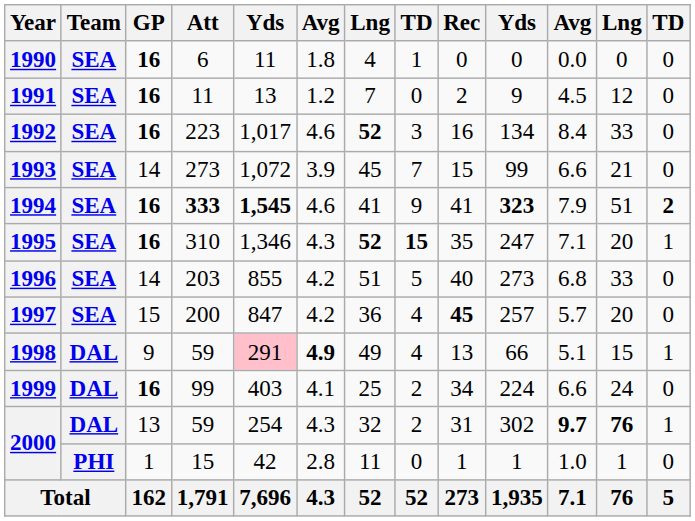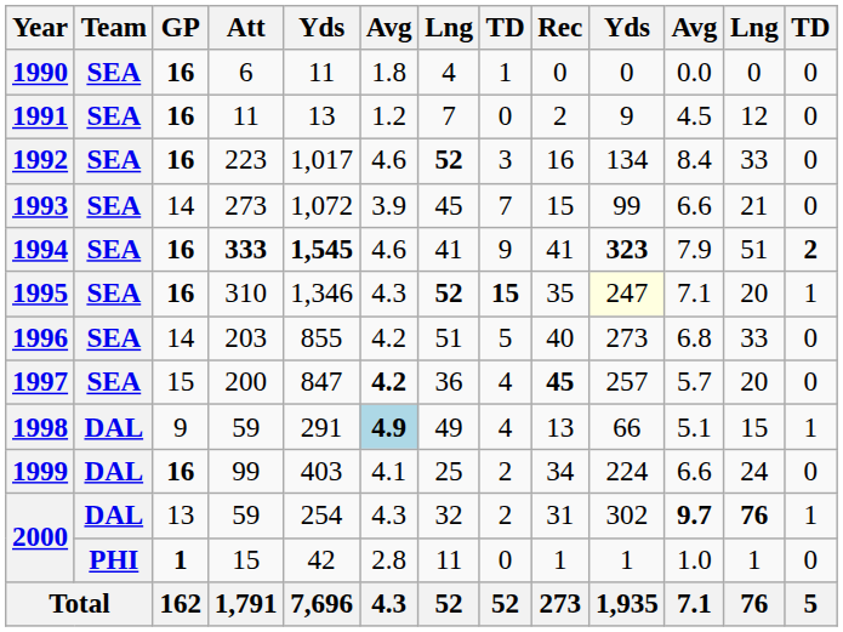 <table class=wikitable style="text-align:center">
 <tr>
 <th>Year</th>
 <th>Team</th>
 <th>GP</th>
 <th>Att</th>
 <th>Yds</th>
 <th>Avg</th>
 <th>Lng</th>
 <th>TD</th>
 <th>Rec</th>
 <th>Yds</th>
 <th>Avg</th>
 <th>Lng</th>
 <th>TD</th>
 </tr>
 <tr>
 <th><a href='#'>1990</a></th>
 <th><a href='#'>SEA</a></th>
 <td><strong>16</strong></td>
 <td>6</td>
 <td>11</td>
 <td>1.8</td>
 <td>4</td>
 <td>1</td>
 <td>0</td>
 <td>0</td>
 <td>0.0</td>
 <td>0</td>
 <td>0</td>
 </tr>
 <tr>
 <th><a href='#'>1991</a></th>
 <th><a href='#'>SEA</a></th>
 <td><strong>16</strong></td>
 <td>11</td>
 <td>13</td>
 <td>1.2</td>
 <td>7</td>
 <td>0</td>
 <td>2</td>
 <td>9</td>
 <td>4.5</td>
 <td>12</td>
 <td>0</td>
 </tr>
 <tr>
 <th><a href='#'>1992</a></th>
 <th><a href='#'>SEA</a></th>
 <td><strong>16</strong></td>
 <td>223</td>
 <td>1,017</td>
 <td>4.6</td>
 <td><strong>52</strong></td>
 <td>3</td>
 <td>16</td>
 <td>134</td>
 <td>8.4</td>
 <td>33</td>
 <td>0</td>
 </tr>
 <tr>
 <th><a href='#'>1993</a></th>
 <th><a href='#'>SEA</a></th>
 <td>14</td>
 <td>273</td>
 <td>1,072</td>
 <td>3.9</td>
 <td>45</td>
 <td>7</td>
 <td>15</td>
 <td>99</td>
 <td>6.6</td>
 <td>21</td>
 <td>0</td>
 </tr>
 <tr>
 <th><a href='#'>1994</a></th>
 <th><a href='#'>SEA</a></th>
 <td><strong>16</strong></td>
 <td><strong>333</strong></td>
 <td><strong>1,545</strong></td>
 <td>4.6</td>
 <td>41</td>
 <td>9</td>
 <td>41</td>
 <td><strong>323</strong></td>
 <td>7.9</td>
 <td>51</td>
 <td><strong>2</strong></td>
 </tr>
 <tr>
 <th><a href='#'>1995</a></th>
 <th><a href='#'>SEA</a></th>
 <td><strong>16</strong></td>
 <td>310</td>
 <td>1,346</td>
 <td>4.3</td>
 <td><strong>52</strong></td>
 <td><strong>15</strong></td>
 <td>35</td>
-<td>247</td>
+<td style="background: lightyellow;">247</td>
 <td>7.1</td>
 <td>20</td>
 <td>1</td>
 </tr>
 <tr>
 <th><a href='#'>1996</a></th>
 <th><a href='#'>SEA</a></th>
 <td>14</td>
 <td>203</td>
 <td>855</td>
 <td>4.2</td>
 <td>51</td>
 <td>5</td>
 <td>40</td>
 <td>273</td>
 <td>6.8</td>
 <td>33</td>
 <td>0</td>
 </tr>
 <tr>
 <th><a href='#'>1997</a></th>
 <th><a href='#'>SEA</a></th>
 <td>15</td>
 <td>200</td>
 <td>847</td>
-<td>4.2</td>
+<td><strong>4.2</strong></td>
 <td>36</td>
 <td>4</td>
 <td><strong>45</strong></td>
 <td>257</td>
 <td>5.7</td>
 <td>20</td>
 <td>0</td>
 </tr>
 <tr>
 <th><a href='#'>1998</a></th>
 <th><a href='#'>DAL</a></th>
 <td>9</td>
 <td>59</td>
-<td style="background: pink;">291</td>
-<td><strong>4.9</strong></td>
+<td>291</td>
+<td style="background: lightblue;"><strong>4.9</strong></td>
 <td>49</td>
 <td>4</td>
 <td>13</td>
 <td>66</td>
 <td>5.1</td>
 <td>15</td>
 <td>1</td>
 </tr>
 <tr>
 <th><a href='#'>1999</a></th>
 <th><a href='#'>DAL</a></th>
 <td><strong>16</strong></td>
 <td>99</td>
 <td>403</td>
 <td>4.1</td>
 <td>25</td>
 <td>2</td>
 <td>34</td>
 <td>224</td>
 <td>6.6</td>
 <td>24</td>
 <td>0</td>
 </tr>
 <tr>
 <th rowspan="2"><a href='#'>2000</a></th>
 <th><a href='#'>DAL</a></th>
 <td>13</td>
 <td>59</td>
 <td>254</td>
 <td>4.3</td>
 <td>32</td>
 <td>2</td>
 <td>31</td>
 <td>302</td>
 <td><strong>9.7</strong></td>
 <td><strong>76</strong></td>
 <td>1</td>
 </tr>
 <tr>
 <th><a href='#'>PHI</a></th>
-<td>1</td>
+<td><strong>1</strong></td>
 <td>15</td>
 <td>42</td>
 <td>2.8</td>
 <td>11</td>
 <td>0</td>
 <td>1</td>
 <td>1</td>
 <td>1.0</td>
 <td>1</td>
 <td>0</td>
 </tr>
 <tr>
 <th colspan="2">Total</th>
 <th>162</th>
 <th>1,791</th>
 <th>7,696</th>
 <th>4.3</th>
 <th>52</th>
 <th>52</th>
 <th>273</th>
 <th>1,935</th>
 <th>7.1</th>
 <th>76</th>
 <th>5</th>
 </tr>
 </table>
